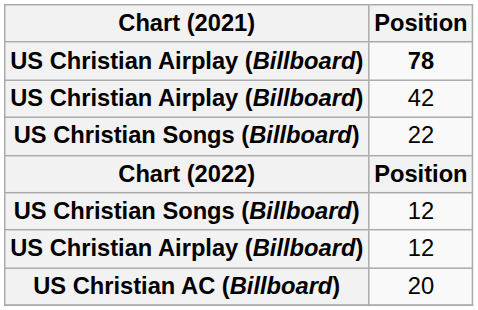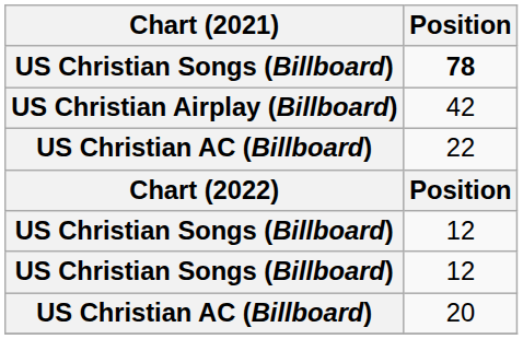 <table class="wikitable plainrowheaders" style="text-align:center">
 <tr>
 <th scope="col">Chart (2021)</th>
 <th scope="col">Position</th>
 </tr>
 <tr>
-<th scope="row">US Christian Airplay (<em>Billboard</em>)</th>
+<th scope="row">US Christian Songs (<em>Billboard</em>)</th>
 <td><strong>78</strong></td>
 </tr>
 <tr>
 <th scope="row">US Christian Airplay (<em>Billboard</em>)</th>
 <td>42</td>
 </tr>
 <tr>
-<th scope="row">US Christian Songs (<em>Billboard</em>)</th>
+<th scope="row">US Christian AC (<em>Billboard</em>)</th>
 <td>22</td>
 </tr>
 <tr>
 <th scope="col">Chart (2022)</th>
 <th scope="col">Position</th>
 </tr>
 <tr>
 <th scope="row">US Christian Songs (<em>Billboard</em>)</th>
 <td>12</td>
 </tr>
 <tr>
-<th scope="row">US Christian Airplay (<em>Billboard</em>)</th>
+<th scope="row">US Christian Songs (<em>Billboard</em>)</th>
 <td>12</td>
 </tr>
 <tr>
 <th scope="row">US Christian AC (<em>Billboard</em>)</th>
 <td>20</td>
 </tr>
 <tr>
 </tr>
 </table>
